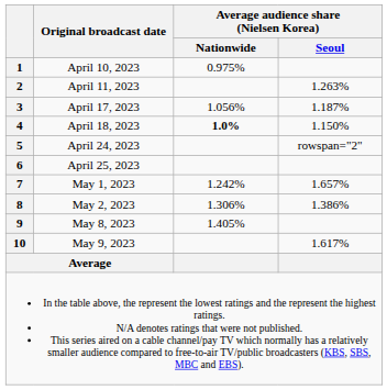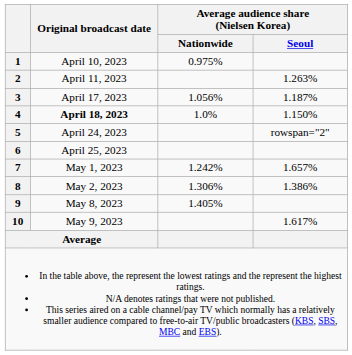 <table class="wikitable" style="margin-left:auto; margin-right:auto; width:490px; text-align:center">
 <tr>
 <th scope="col" rowspan="2"></th>
 <th scope="col" rowspan="2">Original broadcast date</th>
 <th scope="col" colspan="2">Average audience share<br>(Nielsen Korea)</th>
 </tr>
 <tr>
 <th scope="col" style="width:8em">Nationwide</th>
 <th scope="col" style="width:8em"><a href='#'>Seoul</a></th>
 </tr>
 <tr>
 <th scope="row">1</th>
 <td>April 10, 2023</td>
 <td>0.975% </td>
 <td><strong></strong> </td>
 </tr>
 <tr>
 <th scope="row">2</th>
 <td>April 11, 2023</td>
 <td><strong></strong> </td>
 <td>1.263% </td>
 </tr>
 <tr>
 <th scope="row">3</th>
 <td>April 17, 2023</td>
 <td>1.056% </td>
 <td>1.187% </td>
 </tr>
 <tr>
 <th scope="row">4</th>
-<td>April 18, 2023</td>
-<td><strong>1.0% </strong></td>
+<td><strong>April 18, 2023</strong></td>
+<td>1.0% </td>
 <td>1.150% </td>
 </tr>
 <tr>
 <th scope="row">5</th>
 <td>April 24, 2023</td>
 <td><strong></strong> </td>
 <td>rowspan="2" </td>
 </tr>
 <tr>
 <th scope="row">6</th>
 <td>April 25, 2023</td>
 <td><strong></strong> </td>
 </tr>
 <tr>
 <th scope="row">7</th>
 <td>May 1, 2023</td>
 <td>1.242% </td>
 <td>1.657% </td>
 </tr>
 <tr>
 <th scope="row">8</th>
 <td>May 2, 2023</td>
 <td>1.306% </td>
 <td>1.386% </td>
 </tr>
 <tr>
 <th scope="row">9</th>
 <td>May 8, 2023</td>
 <td>1.405% </td>
 <td><strong></strong> </td>
 </tr>
 <tr>
 <th scope="row">10</th>
 <td>May 9, 2023</td>
 <td><strong></strong> </td>
 <td>1.617% </td>
 </tr>
 <tr>
 <th colspan="2">Average</th>
 <th></th>
 <th></th>
 </tr>
 <tr>
 <td colspan="4" style="font-size:85%"><br><ul><li>In the table above, the <strong></strong> represent the lowest ratings and the <strong></strong> represent the highest ratings.</li><li>N/A denotes ratings that were not published.</li><li>This series aired on a cable channel/pay TV which normally has a relatively smaller audience compared to free-to-air TV/public broadcasters (<a href='#'>KBS</a>, <a href='#'>SBS</a>, <a href='#'>MBC</a> and <a href='#'>EBS</a>).</li></ul></td>
 </tr>
 </table>
